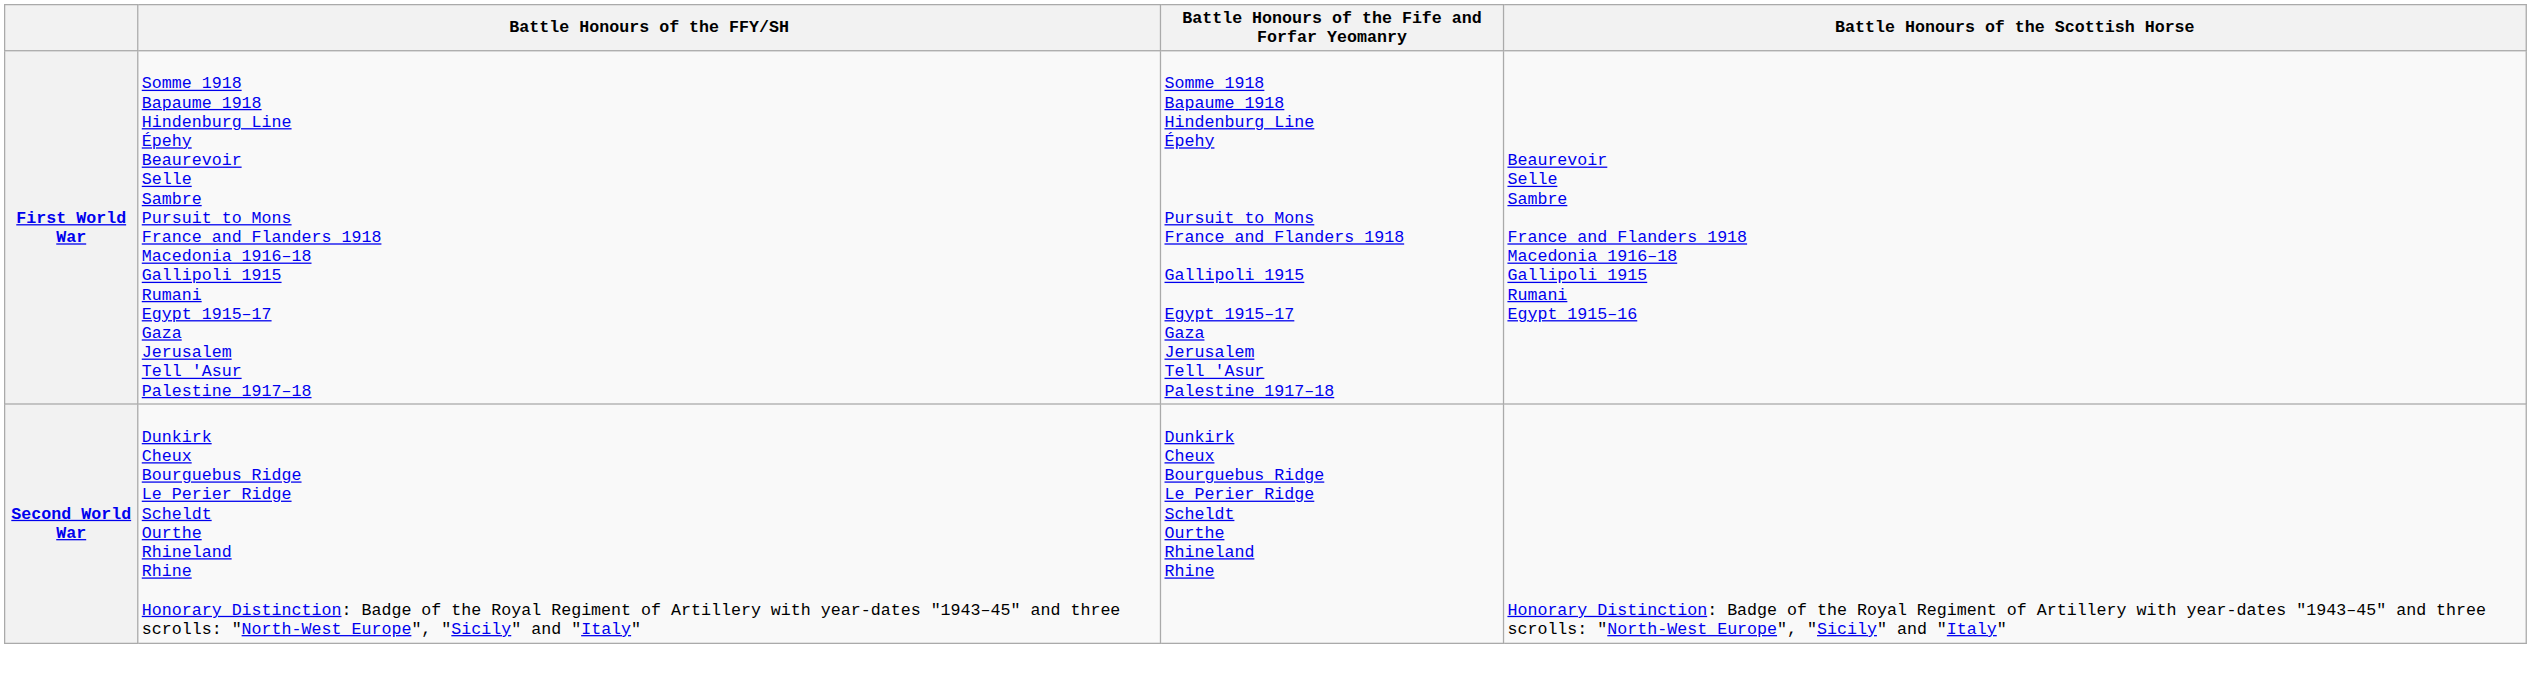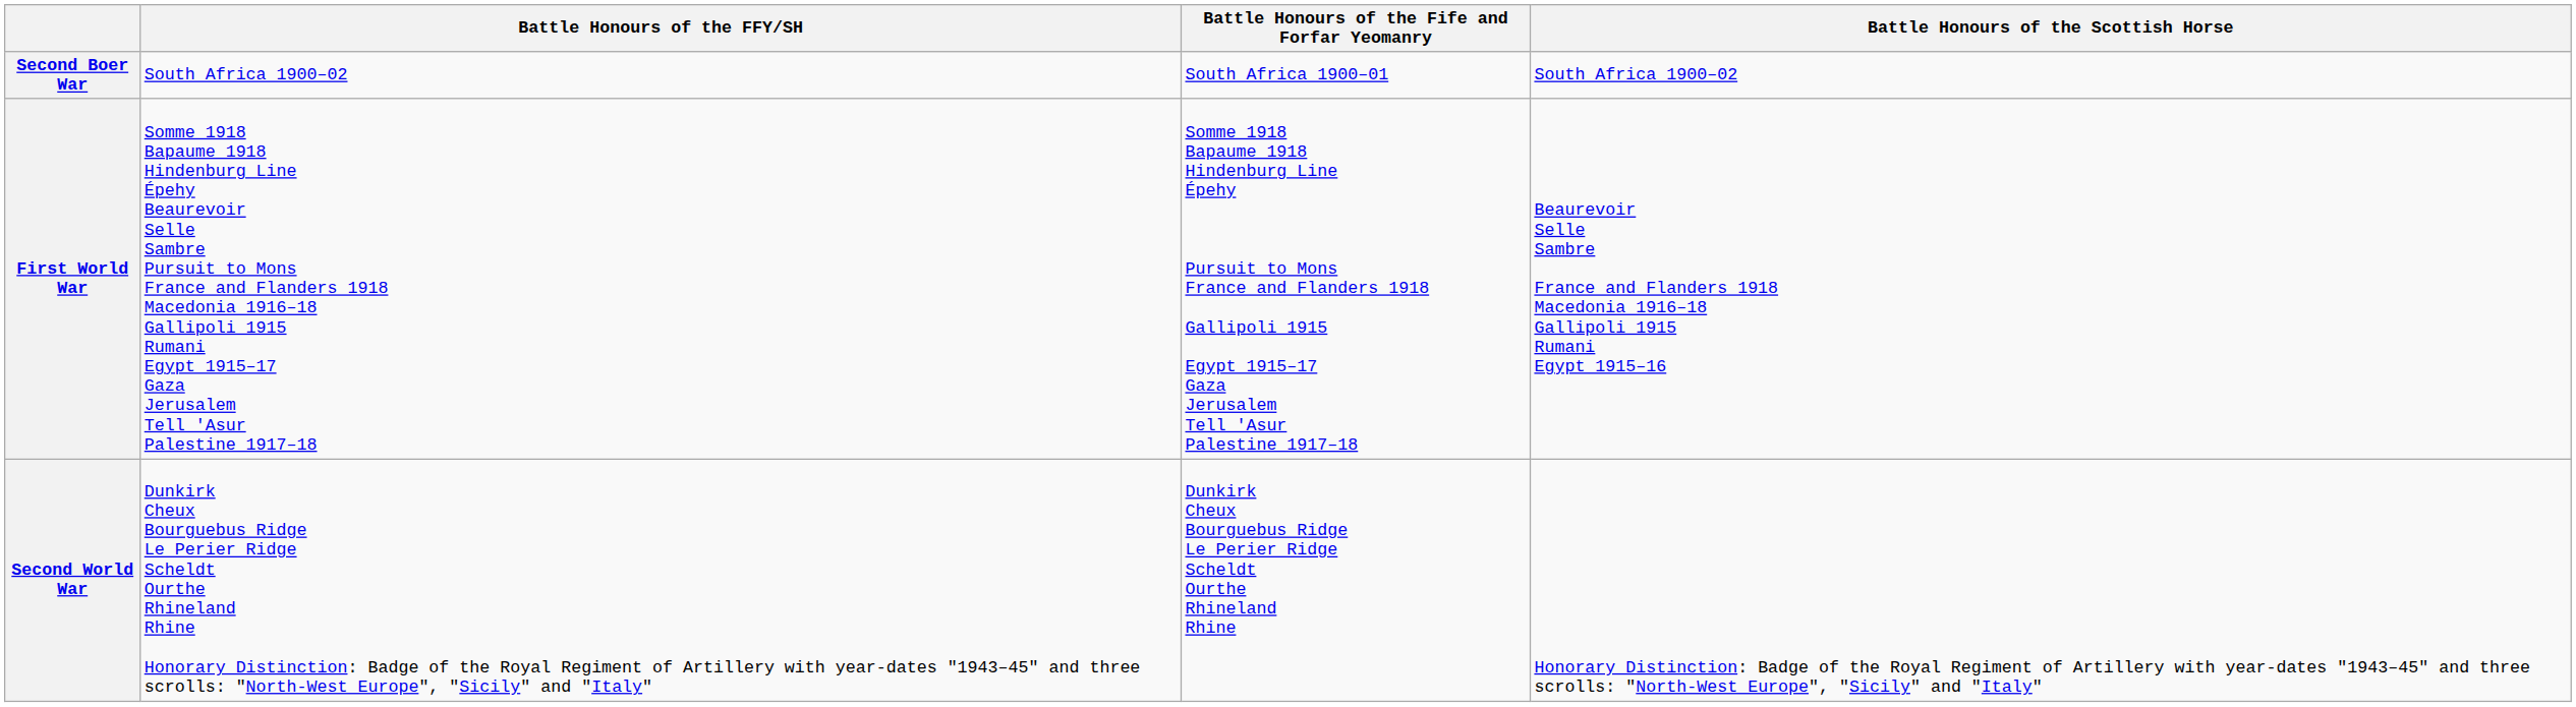 <table class="wikitable collapsible collapsed">
 <tr>
 <th></th>
 <th>Battle Honours of the FFY/SH</th>
 <th>Battle Honours of the Fife and Forfar Yeomanry</th>
 <th>Battle Honours of the Scottish Horse</th>
+</tr>
+<tr>
+<th><a href='#'>Second Boer War</a></th>
+<td><a href='#'>South Africa 1900–02</a></td>
+<td><a href='#'>South Africa 1900–01</a></td>
+<td><a href='#'>South Africa 1900–02</a></td>
 </tr>
 <tr>
 <th><a href='#'>First World War</a></th>
 <td valign=top><br><a href='#'>Somme 1918</a><br> <a href='#'>Bapaume 1918</a><br> <a href='#'>Hindenburg Line</a><br> <a href='#'>Épehy</a><br> <a href='#'>Beaurevoir</a><br> <a href='#'>Selle</a><br> <a href='#'>Sambre</a><br> <a href='#'>Pursuit to Mons</a><br> <a href='#'>France and Flanders 1918</a><br> <a href='#'>Macedonia 1916–18</a><br> <a href='#'>Gallipoli 1915</a><br> <a href='#'>Rumani</a><br> <a href='#'>Egypt 1915–17</a><br> <a href='#'>Gaza</a><br> <a href='#'>Jerusalem</a><br> <a href='#'>Tell 'Asur</a><br> <a href='#'>Palestine 1917–18</a></td>
 <td valign=top><br><a href='#'>Somme 1918</a><br> <a href='#'>Bapaume 1918</a><br> <a href='#'>Hindenburg Line</a><br> <a href='#'>Épehy</a><br>  <br>  <br>  <br> <a href='#'>Pursuit to Mons</a><br> <a href='#'>France and Flanders 1918</a><br>  <br> <a href='#'>Gallipoli 1915</a><br>  <br> <a href='#'>Egypt 1915–17</a><br> <a href='#'>Gaza</a><br> <a href='#'>Jerusalem</a><br> <a href='#'>Tell 'Asur</a><br> <a href='#'>Palestine 1917–18</a></td>
 <td valign=top><br> <br>  <br>  <br>  <br> <a href='#'>Beaurevoir</a><br> <a href='#'>Selle</a><br> <a href='#'>Sambre</a><br>  <br> <a href='#'>France and Flanders 1918</a><br> <a href='#'>Macedonia 1916–18</a><br> <a href='#'>Gallipoli 1915</a><br> <a href='#'>Rumani</a><br> <a href='#'>Egypt 1915–16</a></td>
 </tr>
 <tr>
 <th><a href='#'>Second World War</a></th>
 <td valign=top><br><a href='#'>Dunkirk</a><br> <a href='#'>Cheux</a><br> <a href='#'>Bourguebus Ridge</a><br> <a href='#'>Le Perier Ridge</a><br> <a href='#'>Scheldt</a><br> <a href='#'>Ourthe</a><br> <a href='#'>Rhineland</a><br> <a href='#'>Rhine</a><br> <br> <a href='#'>Honorary Distinction</a>: Badge of the Royal Regiment of Artillery with year-dates "1943–45" and three scrolls: "<a href='#'>North-West Europe</a>", "<a href='#'>Sicily</a>" and "<a href='#'>Italy</a>"</td>
 <td valign=top><br><a href='#'>Dunkirk</a><br> <a href='#'>Cheux</a><br> <a href='#'>Bourguebus Ridge</a><br> <a href='#'>Le Perier Ridge</a><br> <a href='#'>Scheldt</a><br> <a href='#'>Ourthe</a><br> <a href='#'>Rhineland</a><br> <a href='#'>Rhine</a><br> </td>
 <td valign=top><br> <br>  <br>  <br>  <br>  <br>  <br>  <br>  <br>  <br> <a href='#'>Honorary Distinction</a>: Badge of the Royal Regiment of Artillery with year-dates "1943–45" and three scrolls: "<a href='#'>North-West Europe</a>", "<a href='#'>Sicily</a>" and "<a href='#'>Italy</a>"</td>
 </tr>
 </table>
